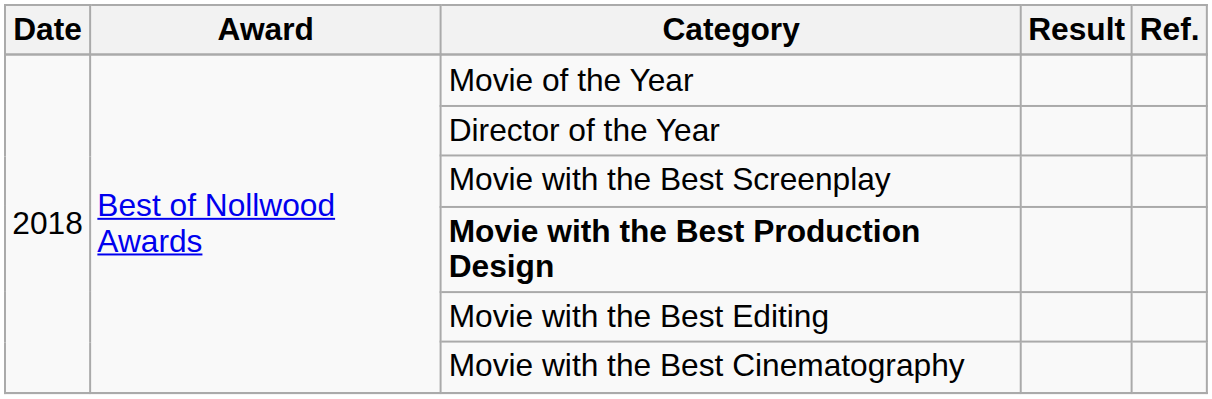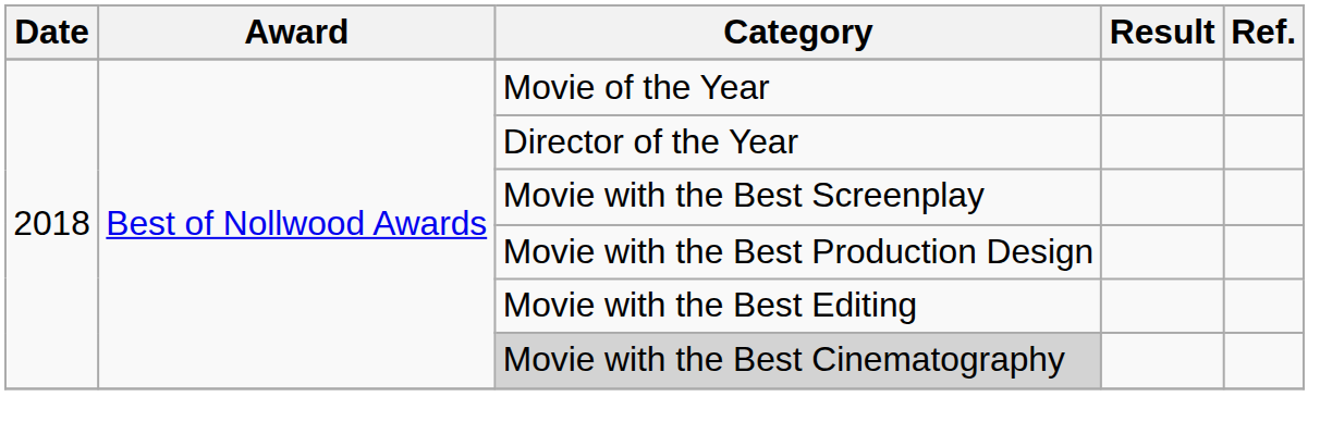 <table class="wikitable plainrowheaders sortable">
 <tr>
 <th>Date</th>
 <th>Award</th>
 <th>Category</th>
 <th>Result</th>
 <th>Ref.</th>
 </tr>
 <tr>
 </tr>
 <tr>
 <td rowspan="6">2018</td>
 <td rowspan="6"><a href='#'>Best of Nollwood Awards</a></td>
 <td>Movie of the Year</td>
 <td></td>
 <td></td>
 </tr>
 <tr>
 <td>Director of the Year</td>
 <td></td>
 <td></td>
 </tr>
 <tr>
 <td>Movie with the Best Screenplay</td>
 <td></td>
 <td></td>
 </tr>
 <tr>
-<td><strong>Movie with the Best Production Design</strong></td>
+<td>Movie with the Best Production Design</td>
 <td></td>
 <td></td>
 </tr>
 <tr>
 <td>Movie with the Best Editing</td>
 <td></td>
 <td></td>
 </tr>
 <tr>
-<td>Movie with the Best Cinematography</td>
+<td style="background: lightgrey;">Movie with the Best Cinematography</td>
 <td></td>
 <td></td>
 </tr>
 <tr>
 </tr>
 </table>
